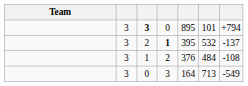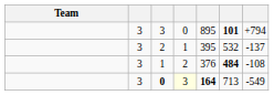 <table class="wikitable" style="text-align: center; font-size: 90%;">
 <tr>
 <th width=165>Team</th>
 <th width=25></th>
 <th width=25></th>
 <th width=25></th>
 <th width=25></th>
 <th width=25></th>
 <th width=25></th>
 </tr>
 <tr>
 <td style="text-align:left;"></td>
 <td>3</td>
-<td><strong>3</strong></td>
+<td>3</td>
 <td>0</td>
 <td>895</td>
-<td>101</td>
+<td><strong>101</strong></td>
 <td>+794</td>
 </tr>
 <tr>
 <td style="text-align:left;"></td>
 <td>3</td>
 <td>2</td>
-<td><strong>1</strong></td>
+<td>1</td>
 <td>395</td>
 <td>532</td>
 <td>-137</td>
 </tr>
 <tr>
 <td style="text-align:left;"></td>
 <td>3</td>
 <td>1</td>
 <td>2</td>
 <td>376</td>
-<td>484</td>
+<td><strong>484</strong></td>
 <td>-108</td>
 </tr>
 <tr>
 <td style="text-align:left;"></td>
 <td>3</td>
-<td>0</td>
-<td>3</td>
-<td>164</td>
+<td><strong>0</strong></td>
+<td style="background: lightyellow;">3</td>
+<td><strong>164</strong></td>
 <td>713</td>
 <td>-549</td>
 </tr>
 </table>
